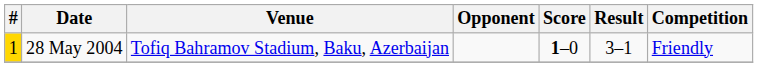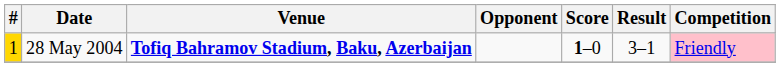 <table class="wikitable">
 <tr>
 <th>#</th>
 <th>Date</th>
 <th>Venue</th>
 <th>Opponent</th>
 <th>Score</th>
 <th>Result</th>
 <th>Competition</th>
 </tr>
 <tr>
 <td style="background: gold;">1</td>
 <td>28 May 2004</td>
-<td><a href='#'>Tofiq Bahramov Stadium</a>, <a href='#'>Baku</a>, <a href='#'>Azerbaijan</a></td>
+<td><strong><a href='#'>Tofiq Bahramov Stadium</a>, <a href='#'>Baku</a>, <a href='#'>Azerbaijan</a></strong></td>
 <td></td>
 <td align=center><strong>1</strong>–0</td>
 <td align=center>3–1</td>
-<td><a href='#'>Friendly</a></td>
+<td style="background: pink;"><a href='#'>Friendly</a></td>
 </tr>
 <tr>
 </tr>
 </table>
